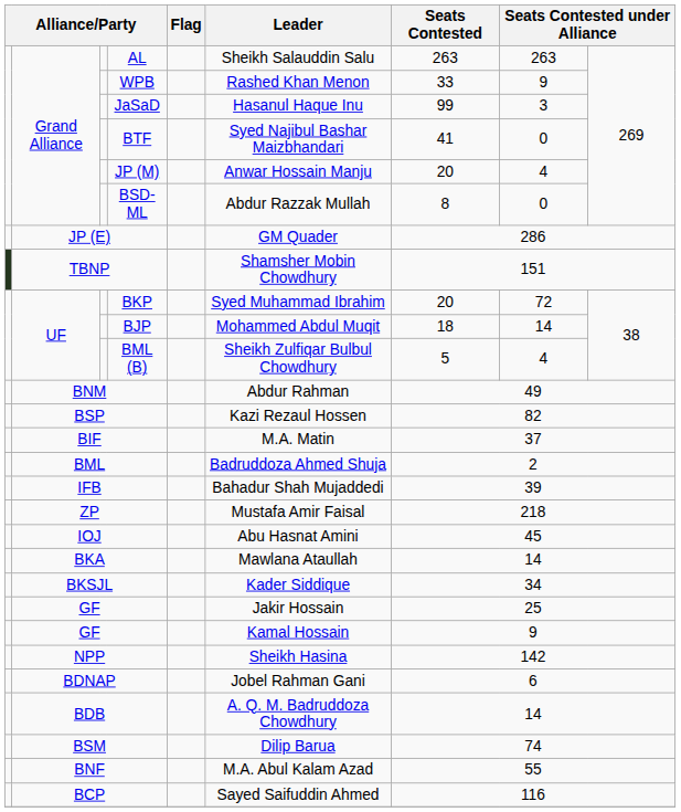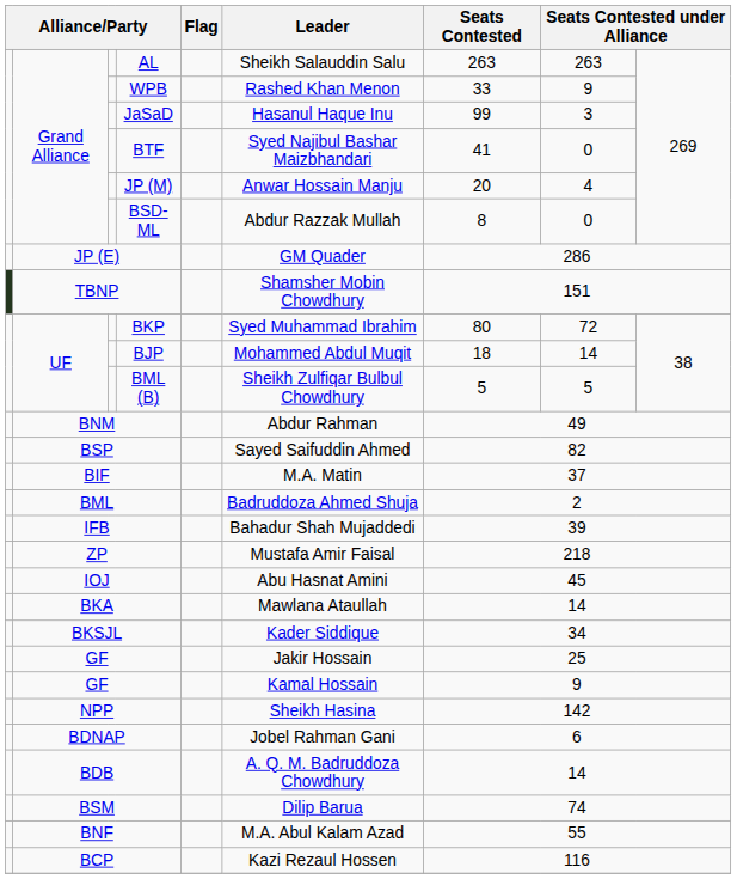 <table class="wikitable" width="80%" style="text-align:center;">
 <tr>
 <th colspan="4">Alliance/Party</th>
 <th>Flag</th>
 <th>Leader</th>
 <th>Seats Contested</th>
 <th colspan="2">Seats Contested under Alliance</th>
 </tr>
 <tr>
 <td rowspan="6"></td>
 <td rowspan="6"><a href='#'>Grand Alliance</a></td>
 <td></td>
 <td><a href='#'>AL</a></td>
 <td></td>
 <td>Sheikh Salauddin Salu</td>
 <td>263</td>
 <td>263</td>
 <td rowspan="6">269</td>
 </tr>
 <tr>
 <td></td>
 <td><a href='#'>WPB</a></td>
 <td></td>
 <td><a href='#'>Rashed Khan Menon</a></td>
 <td>33</td>
 <td>9</td>
 </tr>
 <tr>
 <td></td>
 <td><a href='#'>JaSaD</a></td>
 <td></td>
 <td><a href='#'>Hasanul Haque Inu</a></td>
 <td>99</td>
 <td>3</td>
 </tr>
 <tr>
 <td></td>
 <td><a href='#'>BTF</a></td>
 <td></td>
 <td><a href='#'>Syed Najibul Bashar Maizbhandari</a></td>
 <td>41</td>
 <td>0</td>
 </tr>
 <tr>
 <td></td>
 <td><a href='#'>JP (M)</a></td>
 <td></td>
 <td><a href='#'>Anwar Hossain Manju</a></td>
 <td>20</td>
 <td>4</td>
 </tr>
 <tr>
 <td></td>
 <td><a href='#'>BSD-ML</a></td>
 <td></td>
 <td>Abdur Razzak Mullah</td>
 <td>8</td>
 <td>0</td>
 </tr>
 <tr>
 <td></td>
 <td colspan="3"><a href='#'>JP (E)</a></td>
 <td></td>
 <td><a href='#'>GM Quader</a></td>
 <td colspan="3">286</td>
 </tr>
 <tr>
 <td bgcolor="#24361E"></td>
 <td colspan="3"><a href='#'>TBNP</a></td>
 <td></td>
 <td><a href='#'>Shamsher Mobin Chowdhury</a></td>
 <td colspan="3">151</td>
 </tr>
 <tr>
 <td rowspan="3"></td>
 <td rowspan="3"><a href='#'>UF</a></td>
 <td></td>
 <td><a href='#'>BKP</a></td>
 <td></td>
 <td><a href='#'>Syed Muhammad Ibrahim</a></td>
-<td>20</td>
+<td>80</td>
 <td>72</td>
 <td rowspan="3">38</td>
 </tr>
 <tr>
 <td></td>
 <td><a href='#'>BJP</a></td>
 <td></td>
 <td><a href='#'>Mohammed Abdul Muqit</a></td>
 <td>18</td>
 <td>14</td>
 </tr>
 <tr>
 <td></td>
 <td><a href='#'>BML (B)</a></td>
 <td></td>
 <td><a href='#'>Sheikh Zulfiqar Bulbul Chowdhury</a></td>
 <td>5</td>
-<td>4</td>
+<td>5</td>
 </tr>
 <tr>
 <td bgcolor=""></td>
 <td colspan="3"><a href='#'>BNM</a></td>
 <td></td>
 <td>Abdur Rahman</td>
 <td colspan="3">49</td>
 </tr>
 <tr>
 <td bgcolor=""></td>
 <td colspan="3"><a href='#'>BSP</a></td>
 <td></td>
-<td>Kazi Rezaul Hossen</td>
+<td>Sayed Saifuddin Ahmed</td>
 <td colspan="3">82</td>
 </tr>
 <tr>
 <td></td>
 <td colspan="3"><a href='#'>BIF</a></td>
 <td></td>
 <td>M.A. Matin</td>
 <td colspan="3">37</td>
 </tr>
 <tr>
 <td></td>
 <td colspan="3"><a href='#'>BML</a></td>
 <td></td>
 <td><a href='#'>Badruddoza Ahmed Shuja</a></td>
 <td colspan="3">2</td>
 </tr>
 <tr>
 <td></td>
 <td colspan="3"><a href='#'>IFB</a></td>
 <td></td>
 <td>Bahadur Shah Mujaddedi</td>
 <td colspan="3">39</td>
 </tr>
 <tr>
 <td></td>
 <td colspan="3"><a href='#'>ZP</a></td>
 <td></td>
 <td>Mustafa Amir Faisal</td>
 <td colspan="3">218</td>
 </tr>
 <tr>
 <td></td>
 <td colspan="3"><a href='#'>IOJ</a></td>
 <td></td>
 <td>Abu Hasnat Amini</td>
 <td colspan="3">45</td>
 </tr>
 <tr>
 <td></td>
 <td colspan="3"><a href='#'>BKA</a></td>
 <td></td>
 <td>Mawlana Ataullah</td>
 <td colspan="3">14</td>
 </tr>
 <tr>
 <td></td>
 <td colspan="3"><a href='#'>BKSJL</a></td>
 <td></td>
 <td><a href='#'>Kader Siddique</a></td>
 <td colspan="3">34</td>
 </tr>
 <tr>
 <td></td>
 <td colspan="3"><a href='#'>GF</a></td>
 <td></td>
 <td>Jakir Hossain</td>
 <td colspan="3">25</td>
 </tr>
 <tr>
 <td></td>
 <td colspan="3"><a href='#'>GF</a></td>
 <td></td>
 <td><a href='#'>Kamal Hossain</a></td>
 <td colspan="3">9</td>
 </tr>
 <tr>
 <td></td>
 <td colspan="3"><a href='#'>NPP</a></td>
 <td></td>
 <td><a href='#'>Sheikh Hasina</a></td>
 <td colspan="3">142</td>
 </tr>
 <tr>
 <td></td>
 <td colspan="3"><a href='#'>BDNAP</a></td>
 <td></td>
 <td>Jobel Rahman Gani</td>
 <td colspan="3">6</td>
 </tr>
 <tr>
 <td></td>
 <td colspan="3"><a href='#'>BDB</a></td>
 <td></td>
 <td><a href='#'>A. Q. M. Badruddoza Chowdhury</a></td>
 <td colspan="3">14</td>
 </tr>
 <tr>
 <td></td>
 <td colspan="3"><a href='#'>BSM</a></td>
 <td></td>
 <td><a href='#'>Dilip Barua</a></td>
 <td colspan="3">74</td>
 </tr>
 <tr>
 <td></td>
 <td colspan="3"><a href='#'>BNF</a></td>
 <td></td>
 <td>M.A. Abul Kalam Azad</td>
 <td colspan="3">55</td>
 </tr>
 <tr>
 <td></td>
 <td colspan="3"><a href='#'>BCP</a></td>
 <td></td>
-<td>Sayed Saifuddin Ahmed</td>
+<td>Kazi Rezaul Hossen</td>
 <td colspan="3">116</td>
 </tr>
 <tr>
 </tr>
 </table>
